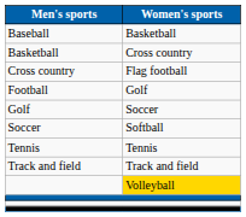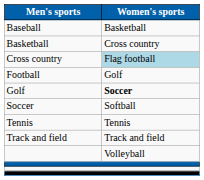 <table class="wikitable"; style= "text-align: ">
 <tr>
 <th width= 150px style="background:#0061AA; color:white; border:1px solid black">Men's sports</th>
 <th width= 150px style="background:#0061AA; color:white; border:1px solid black">Women's sports</th>
 </tr>
 <tr>
 <td>Baseball</td>
 <td>Basketball</td>
 </tr>
 <tr>
 <td>Basketball</td>
 <td>Cross country</td>
 </tr>
 <tr>
 <td>Cross country</td>
-<td>Flag football</td>
+<td style="background: lightblue;">Flag football</td>
 </tr>
 <tr>
 <td>Football</td>
 <td>Golf</td>
 </tr>
 <tr>
 <td>Golf</td>
-<td>Soccer</td>
+<td><strong>Soccer</strong></td>
 </tr>
 <tr>
 <td>Soccer</td>
 <td>Softball</td>
 </tr>
 <tr>
 <td>Tennis</td>
 <td>Tennis</td>
 </tr>
 <tr>
 <td>Track and field</td>
 <td>Track and field</td>
 </tr>
 <tr>
 <td></td>
-<td style="background: gold;">Volleyball</td>
+<td>Volleyball</td>
 </tr>
 <tr>
 <th colspan=2 style="background:#0061AA; color:white; border:1px solid black"></th>
 </tr>
 <tr>
 <td colspan=2></td>
 </tr>
 <tr>
 <td colspan=2 style="background:black; color:white; border:1px solid #0061aa"></td>
 </tr>
 </table>
